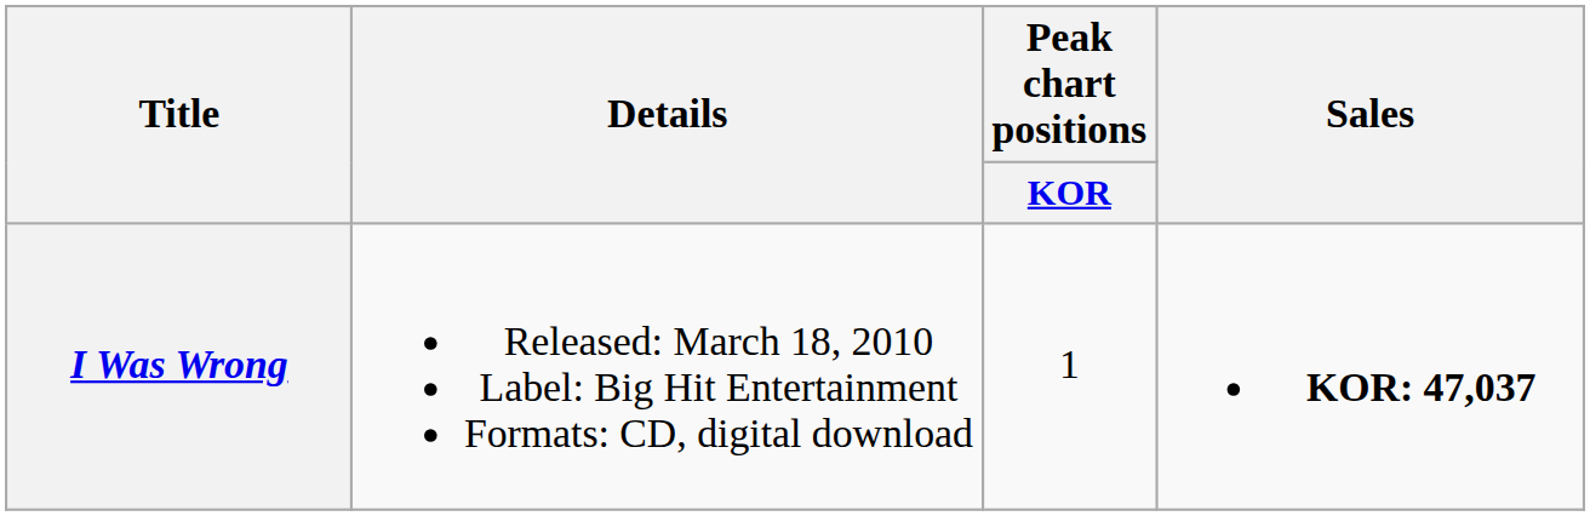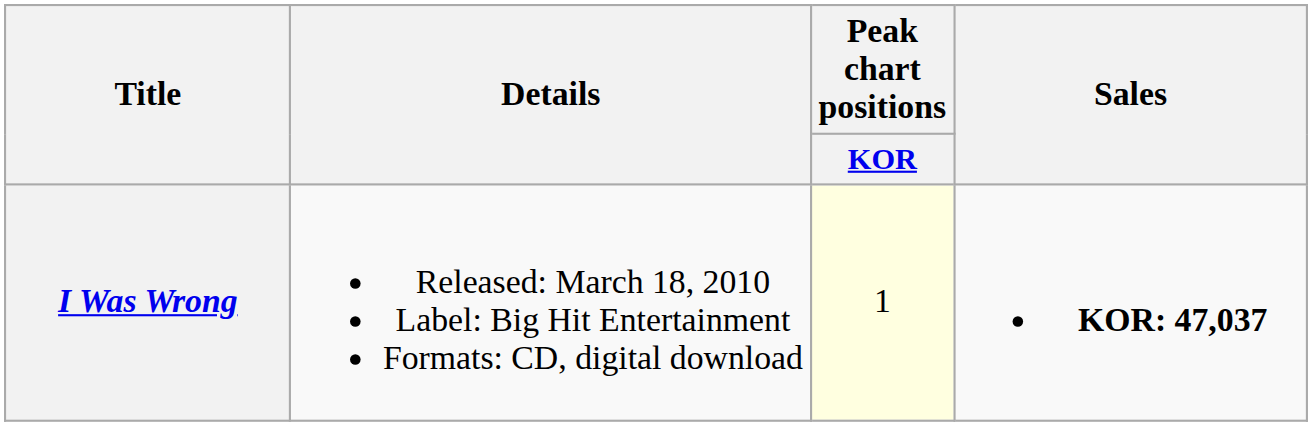 <table class="wikitable plainrowheaders" style="text-align:center;">
 <tr>
 <th scope="col" rowspan="2" style="width:8em;">Title</th>
 <th scope="col" rowspan="2">Details</th>
 <th scope="col" colspan="1">Peak chart positions</th>
 <th scope="col" rowspan="2" style="width:10em;">Sales</th>
 </tr>
 <tr>
 <th scope="col" style="width:3em;font-size:90%;"><a href='#'>KOR</a><br></th>
 </tr>
 <tr>
 <th scope="row"><em><a href='#'>I Was Wrong</a></em></th>
 <td><br><ul><li>Released: March 18, 2010</li><li>Label: Big Hit Entertainment</li><li>Formats: CD, digital download</li></ul></td>
-<td>1</td>
+<td style="background: lightyellow;">1</td>
 <td><strong><br><ul><li>KOR: 47,037</li></ul></strong></td>
 </tr>
 </table>
